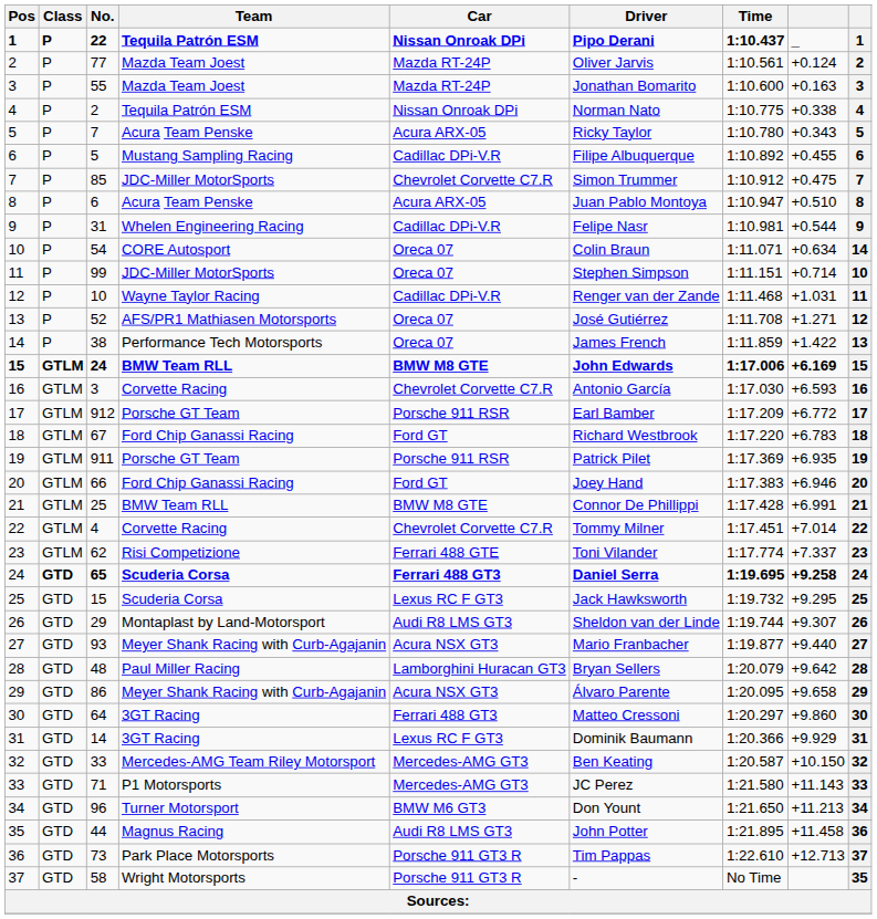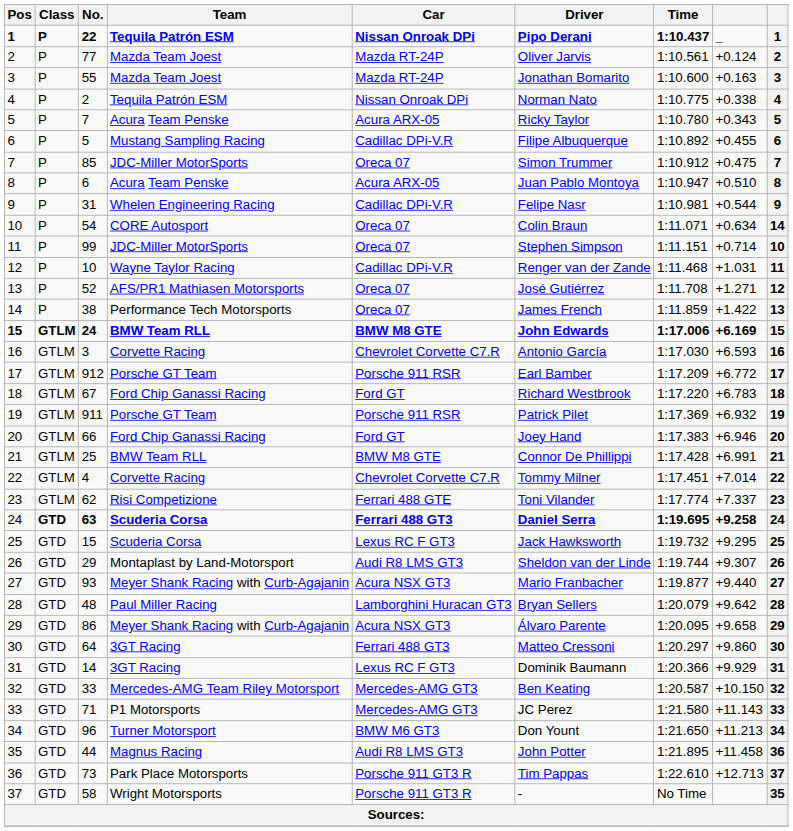 <table class="wikitable">
 <tr>
 <th><strong>Pos</strong></th>
 <th>Class</th>
 <th>No.</th>
 <th>Team</th>
 <th>Car</th>
 <th>Driver</th>
 <th>Time</th>
 <th scope="col"></th>
 <th scope="col"></th>
 </tr>
 <tr>
 <td><strong>1</strong></td>
 <td><strong>P</strong></td>
 <td><strong>22</strong></td>
 <td><strong> <a href='#'>Tequila Patrón ESM</a></strong></td>
 <td><strong><a href='#'>Nissan Onroak DPi</a></strong></td>
 <td><strong> <a href='#'>Pipo Derani</a></strong></td>
 <td><strong>1:10.437</strong></td>
 <td><strong>_</strong></td>
 <th><strong>1</strong></th>
 </tr>
 <tr>
 <td>2</td>
 <td>P</td>
 <td>77</td>
 <td> <a href='#'>Mazda Team Joest</a></td>
 <td><a href='#'>Mazda RT-24P</a></td>
 <td> <a href='#'>Oliver Jarvis</a></td>
 <td>1:10.561</td>
 <td>+0.124</td>
 <th>2</th>
 </tr>
 <tr>
 <td>3</td>
 <td>P</td>
 <td>55</td>
 <td> <a href='#'>Mazda Team Joest</a></td>
 <td><a href='#'>Mazda RT-24P</a></td>
 <td> <a href='#'>Jonathan Bomarito</a></td>
 <td>1:10.600</td>
 <td>+0.163</td>
 <th>3</th>
 </tr>
 <tr>
 <td>4</td>
 <td>P</td>
 <td>2</td>
 <td> <a href='#'>Tequila Patrón ESM</a></td>
 <td><a href='#'>Nissan Onroak DPi</a></td>
 <td> <a href='#'>Norman Nato</a></td>
 <td>1:10.775</td>
 <td>+0.338</td>
 <th>4</th>
 </tr>
 <tr>
 <td>5</td>
 <td>P</td>
 <td>7</td>
 <td> <a href='#'>Acura</a> <a href='#'>Team Penske</a></td>
 <td><a href='#'>Acura ARX-05</a></td>
 <td> <a href='#'>Ricky Taylor</a></td>
 <td>1:10.780</td>
 <td>+0.343</td>
 <th>5</th>
 </tr>
 <tr>
 <td>6</td>
 <td>P</td>
 <td>5</td>
 <td> <a href='#'>Mustang Sampling Racing</a></td>
 <td><a href='#'>Cadillac DPi-V.R</a></td>
 <td> <a href='#'>Filipe Albuquerque</a></td>
 <td>1:10.892</td>
 <td>+0.455</td>
 <th>6</th>
 </tr>
 <tr>
 <td>7</td>
 <td>P</td>
 <td>85</td>
 <td> <a href='#'>JDC-Miller MotorSports</a></td>
-<td><a href='#'>Chevrolet Corvette C7.R</a></td>
+<td><a href='#'>Oreca 07</a></td>
 <td> <a href='#'>Simon Trummer</a></td>
 <td>1:10.912</td>
 <td>+0.475</td>
 <th>7</th>
 </tr>
 <tr>
 <td>8</td>
 <td>P</td>
 <td>6</td>
 <td> <a href='#'>Acura</a> <a href='#'>Team Penske</a></td>
 <td><a href='#'>Acura ARX-05</a></td>
 <td> <a href='#'>Juan Pablo Montoya</a></td>
 <td>1:10.947</td>
 <td>+0.510</td>
 <th>8</th>
 </tr>
 <tr>
 <td>9</td>
 <td>P</td>
 <td>31</td>
 <td> <a href='#'>Whelen Engineering Racing</a></td>
 <td><a href='#'>Cadillac DPi-V.R</a></td>
 <td> <a href='#'>Felipe Nasr</a></td>
 <td>1:10.981</td>
 <td>+0.544</td>
 <th>9</th>
 </tr>
 <tr>
 <td>10</td>
 <td>P</td>
 <td>54</td>
 <td> <a href='#'>CORE Autosport</a></td>
 <td><a href='#'>Oreca 07</a></td>
 <td> <a href='#'>Colin Braun</a></td>
 <td>1:11.071</td>
 <td>+0.634</td>
 <th>14</th>
 </tr>
 <tr>
 <td>11</td>
 <td>P</td>
 <td>99</td>
 <td> <a href='#'>JDC-Miller MotorSports</a></td>
 <td><a href='#'>Oreca 07</a></td>
 <td> <a href='#'>Stephen Simpson</a></td>
 <td>1:11.151</td>
 <td>+0.714</td>
 <th>10</th>
 </tr>
 <tr>
 <td>12</td>
 <td>P</td>
 <td>10</td>
 <td> <a href='#'>Wayne Taylor Racing</a></td>
 <td><a href='#'>Cadillac DPi-V.R</a></td>
 <td> <a href='#'>Renger van der Zande</a></td>
 <td>1:11.468</td>
 <td>+1.031</td>
 <th>11</th>
 </tr>
 <tr>
 <td>13</td>
 <td>P</td>
 <td>52</td>
 <td> <a href='#'>AFS/PR1 Mathiasen Motorsports</a></td>
 <td><a href='#'>Oreca 07</a></td>
 <td> <a href='#'>José Gutiérrez</a></td>
 <td>1:11.708</td>
 <td>+1.271</td>
 <th>12</th>
 </tr>
 <tr>
 <td>14</td>
 <td>P</td>
 <td>38</td>
 <td> Performance Tech Motorsports</td>
 <td><a href='#'>Oreca 07</a></td>
 <td> <a href='#'>James French</a></td>
 <td>1:11.859</td>
 <td>+1.422</td>
 <th>13</th>
 </tr>
 <tr>
 <td><strong>15</strong></td>
 <td><strong>GTLM</strong></td>
 <td><strong>24</strong></td>
 <td><strong> <a href='#'>BMW Team RLL</a></strong></td>
 <td><strong><a href='#'>BMW M8 GTE</a></strong></td>
 <td><strong> <a href='#'>John Edwards</a></strong></td>
 <td><strong>1:17.006</strong></td>
 <td><strong>+6.169</strong></td>
 <th>15</th>
 </tr>
 <tr>
 <td>16</td>
 <td>GTLM</td>
 <td>3</td>
 <td> <a href='#'>Corvette Racing</a></td>
 <td><a href='#'>Chevrolet Corvette C7.R</a></td>
 <td> <a href='#'>Antonio García</a></td>
 <td>1:17.030</td>
 <td>+6.593</td>
 <th>16</th>
 </tr>
 <tr>
 <td>17</td>
 <td>GTLM</td>
 <td>912</td>
 <td> <a href='#'>Porsche GT Team</a></td>
 <td><a href='#'>Porsche 911 RSR</a></td>
 <td> <a href='#'>Earl Bamber</a></td>
 <td>1:17.209</td>
 <td>+6.772</td>
 <th>17</th>
 </tr>
 <tr>
 <td>18</td>
 <td>GTLM</td>
 <td>67</td>
 <td> <a href='#'>Ford Chip Ganassi Racing</a></td>
 <td><a href='#'>Ford GT</a></td>
 <td> <a href='#'>Richard Westbrook</a></td>
 <td>1:17.220</td>
 <td>+6.783</td>
 <th>18</th>
 </tr>
 <tr>
 <td>19</td>
 <td>GTLM</td>
 <td>911</td>
 <td> <a href='#'>Porsche GT Team</a></td>
 <td><a href='#'>Porsche 911 RSR</a></td>
 <td> <a href='#'>Patrick Pilet</a></td>
 <td>1:17.369</td>
-<td>+6.935</td>
+<td>+6.932</td>
 <th>19</th>
 </tr>
 <tr>
 <td>20</td>
 <td>GTLM</td>
 <td>66</td>
 <td> <a href='#'>Ford Chip Ganassi Racing</a></td>
 <td><a href='#'>Ford GT</a></td>
 <td> <a href='#'>Joey Hand</a></td>
 <td>1:17.383</td>
 <td>+6.946</td>
 <th>20</th>
 </tr>
 <tr>
 <td>21</td>
 <td>GTLM</td>
 <td>25</td>
 <td> <a href='#'>BMW Team RLL</a></td>
 <td><a href='#'>BMW M8 GTE</a></td>
 <td> <a href='#'>Connor De Phillippi</a></td>
 <td>1:17.428</td>
 <td>+6.991</td>
 <th>21</th>
 </tr>
 <tr>
 <td>22</td>
 <td>GTLM</td>
 <td>4</td>
 <td> <a href='#'>Corvette Racing</a></td>
 <td><a href='#'>Chevrolet Corvette C7.R</a></td>
 <td> <a href='#'>Tommy Milner</a></td>
 <td>1:17.451</td>
 <td>+7.014</td>
 <th>22</th>
 </tr>
 <tr>
 <td>23</td>
 <td>GTLM</td>
 <td>62</td>
 <td> <a href='#'>Risi Competizione</a></td>
 <td><a href='#'>Ferrari 488 GTE</a></td>
 <td> <a href='#'>Toni Vilander</a></td>
 <td>1:17.774</td>
 <td>+7.337</td>
 <th>23</th>
 </tr>
 <tr>
 <td>24</td>
 <td><strong>GTD</strong></td>
-<td><strong>65</strong></td>
+<td><strong>63</strong></td>
 <td><strong> <a href='#'>Scuderia Corsa</a></strong></td>
 <td><strong><a href='#'>Ferrari 488 GT3</a></strong></td>
 <td><strong> <a href='#'>Daniel Serra</a></strong></td>
 <td><strong>1:19.695</strong></td>
 <td><strong>+9.258</strong></td>
 <th>24</th>
 </tr>
 <tr>
 <td>25</td>
 <td>GTD</td>
 <td>15</td>
 <td> <a href='#'>Scuderia Corsa</a></td>
 <td><a href='#'>Lexus RC F GT3</a></td>
 <td> <a href='#'>Jack Hawksworth</a></td>
 <td>1:19.732</td>
 <td>+9.295</td>
 <th>25</th>
 </tr>
 <tr>
 <td>26</td>
 <td>GTD</td>
 <td>29</td>
 <td> Montaplast by Land-Motorsport</td>
 <td><a href='#'>Audi R8 LMS GT3</a></td>
 <td> <a href='#'>Sheldon van der Linde</a></td>
 <td>1:19.744</td>
 <td>+9.307</td>
 <th>26</th>
 </tr>
 <tr>
 <td>27</td>
 <td>GTD</td>
 <td>93</td>
 <td> <a href='#'>Meyer Shank Racing</a> with <a href='#'>Curb-Agajanin</a></td>
 <td><a href='#'>Acura NSX GT3</a></td>
 <td> <a href='#'>Mario Franbacher</a></td>
 <td>1:19.877</td>
 <td>+9.440</td>
 <th>27</th>
 </tr>
 <tr>
 <td>28</td>
 <td>GTD</td>
 <td>48</td>
 <td> <a href='#'>Paul Miller Racing</a></td>
 <td><a href='#'>Lamborghini Huracan GT3</a></td>
 <td> <a href='#'>Bryan Sellers</a></td>
 <td>1:20.079</td>
 <td>+9.642</td>
 <th>28</th>
 </tr>
 <tr>
 <td>29</td>
 <td>GTD</td>
 <td>86</td>
 <td> <a href='#'>Meyer Shank Racing</a> with <a href='#'>Curb-Agajanin</a></td>
 <td><a href='#'>Acura NSX GT3</a></td>
 <td> <a href='#'>Álvaro Parente</a></td>
 <td>1:20.095</td>
 <td>+9.658</td>
 <th>29</th>
 </tr>
 <tr>
 <td>30</td>
 <td>GTD</td>
 <td>64</td>
 <td> <a href='#'>3GT Racing</a></td>
 <td><a href='#'>Ferrari 488 GT3</a></td>
 <td> <a href='#'>Matteo Cressoni</a></td>
 <td>1:20.297</td>
 <td>+9.860</td>
 <th>30</th>
 </tr>
 <tr>
 <td>31</td>
 <td>GTD</td>
 <td>14</td>
 <td> <a href='#'>3GT Racing</a></td>
 <td><a href='#'>Lexus RC F GT3</a></td>
 <td> Dominik Baumann</td>
 <td>1:20.366</td>
 <td>+9.929</td>
 <th>31</th>
 </tr>
 <tr>
 <td>32</td>
 <td>GTD</td>
 <td>33</td>
 <td> <a href='#'>Mercedes-AMG Team Riley Motorsport</a></td>
 <td><a href='#'>Mercedes-AMG GT3</a></td>
 <td> <a href='#'>Ben Keating</a></td>
 <td>1:20.587</td>
 <td>+10.150</td>
 <th>32</th>
 </tr>
 <tr>
 <td>33</td>
 <td>GTD</td>
 <td>71</td>
 <td> P1 Motorsports</td>
 <td><a href='#'>Mercedes-AMG GT3</a></td>
 <td> JC Perez</td>
 <td>1:21.580</td>
 <td>+11.143</td>
 <th>33</th>
 </tr>
 <tr>
 <td>34</td>
 <td>GTD</td>
 <td>96</td>
 <td> <a href='#'>Turner Motorsport</a></td>
 <td><a href='#'>BMW M6 GT3</a></td>
 <td> Don Yount</td>
 <td>1:21.650</td>
 <td>+11.213</td>
 <th>34</th>
 </tr>
 <tr>
 <td>35</td>
 <td>GTD</td>
 <td>44</td>
 <td><a href='#'>Magnus Racing</a></td>
 <td><a href='#'>Audi R8 LMS GT3</a></td>
 <td> <a href='#'>John Potter</a></td>
 <td>1:21.895</td>
 <td>+11.458</td>
 <th>36</th>
 </tr>
 <tr>
 <td>36</td>
 <td>GTD</td>
 <td>73</td>
 <td> Park Place Motorsports</td>
 <td><a href='#'>Porsche 911 GT3 R</a></td>
 <td> <a href='#'>Tim Pappas</a></td>
 <td>1:22.610</td>
 <td>+12.713</td>
 <th>37</th>
 </tr>
 <tr>
 <td>37</td>
 <td>GTD</td>
 <td>58</td>
 <td> Wright Motorsports</td>
 <td><a href='#'>Porsche 911 GT3 R</a></td>
 <td>-</td>
 <td>No Time</td>
 <td></td>
 <th>35</th>
 </tr>
 <tr>
 <th colspan="9">Sources:</th>
 </tr>
 <tr>
 </tr>
 </table>
